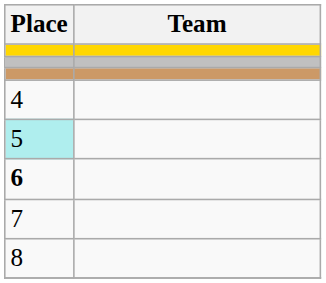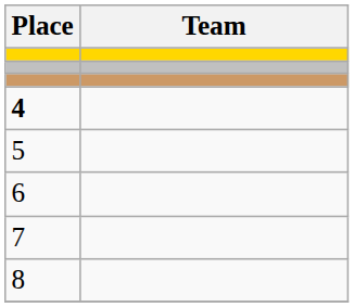 <table class="wikitable">
 <tr>
 <th width=30>Place</th>
 <th width=150>Team</th>
 </tr>
 <tr bgcolor=gold>
 <td></td>
 <td><strong></strong></td>
 </tr>
 <tr bgcolor=silver>
 <td></td>
 <td><strong></strong></td>
 </tr>
 <tr bgcolor=cc9966>
 <td></td>
 <td><strong></strong></td>
 </tr>
 <tr>
-<td>4</td>
+<td><strong>4</strong></td>
 <td></td>
 </tr>
 <tr>
-<td style="background: paleturquoise;">5</td>
+<td>5</td>
 <td></td>
 </tr>
 <tr>
-<td><strong>6</strong></td>
+<td>6</td>
 <td></td>
 </tr>
 <tr>
 <td>7</td>
 <td></td>
 </tr>
 <tr>
 <td>8</td>
 <td></td>
 </tr>
 <tr>
 </tr>
 </table>
